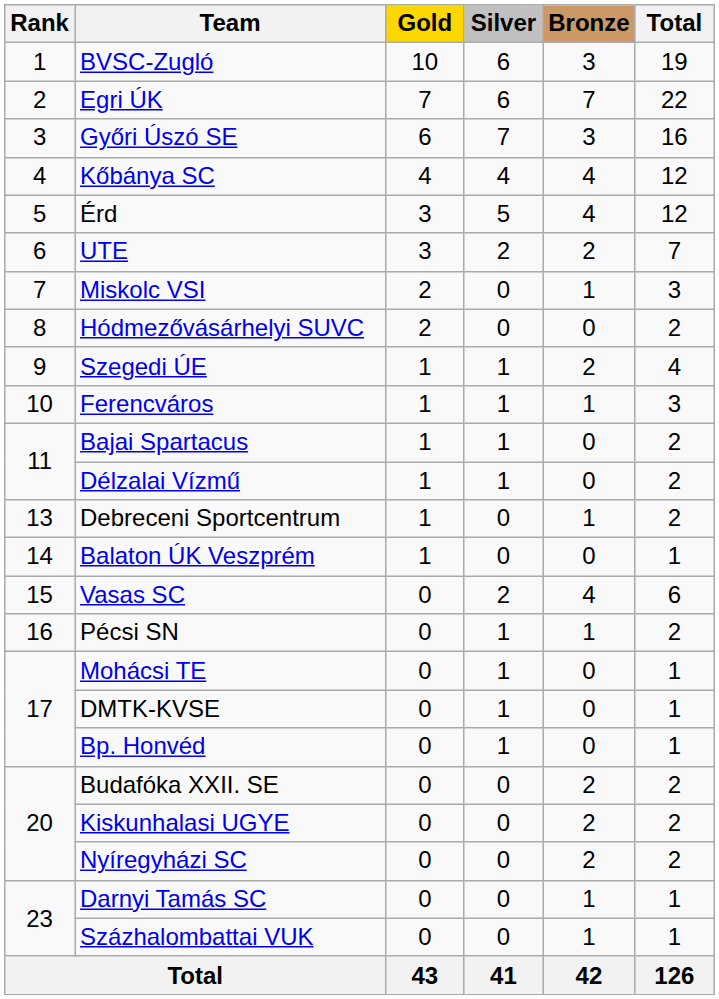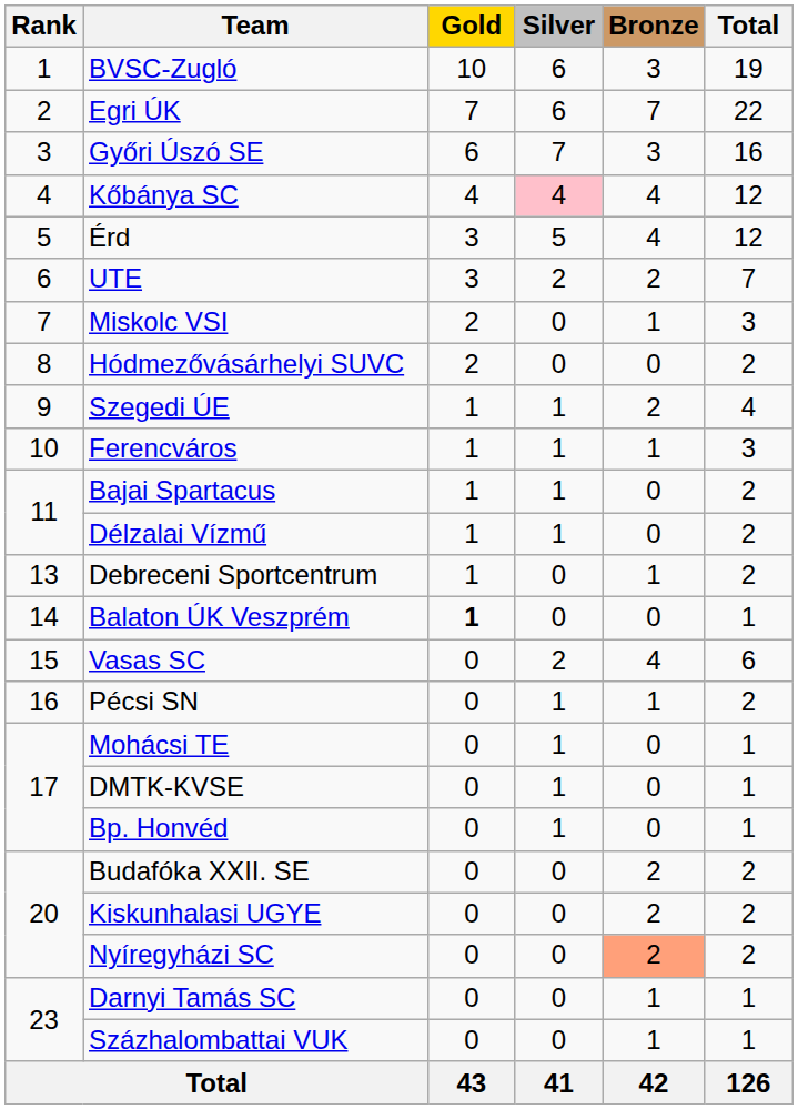 <table class="wikitable sortable" style="text-align:center">
 <tr>
 <th>Rank</th>
 <th width="200">Team</th>
 <th width=45; style="background-color:gold;">Gold</th>
 <th width=45; style="background-color:silver;">Silver</th>
 <th width=45; style="background-color:#cc9966;">Bronze</th>
 <th width="45">Total</th>
 </tr>
 <tr>
 <td>1</td>
 <td align=left> <a href='#'>BVSC-Zugló</a></td>
 <td>10</td>
 <td>6</td>
 <td>3</td>
 <td>19</td>
 </tr>
 <tr>
 <td>2</td>
 <td align=left> <a href='#'>Egri ÚK</a></td>
 <td>7</td>
 <td>6</td>
 <td>7</td>
 <td>22</td>
 </tr>
 <tr>
 <td>3</td>
 <td align=left> <a href='#'>Győri Úszó SE</a></td>
 <td>6</td>
 <td>7</td>
 <td>3</td>
 <td>16</td>
 </tr>
 <tr>
 <td>4</td>
 <td align=left> <a href='#'>Kőbánya SC</a></td>
 <td>4</td>
-<td>4</td>
+<td style="background: pink;">4</td>
 <td>4</td>
 <td>12</td>
 </tr>
 <tr>
 <td>5</td>
 <td align=left> Érd</td>
 <td>3</td>
 <td>5</td>
 <td>4</td>
 <td>12</td>
 </tr>
 <tr>
 <td>6</td>
 <td align=left> <a href='#'>UTE</a></td>
 <td>3</td>
 <td>2</td>
 <td>2</td>
 <td>7</td>
 </tr>
 <tr>
 <td>7</td>
 <td align=left> <a href='#'>Miskolc VSI</a></td>
 <td>2</td>
 <td>0</td>
 <td>1</td>
 <td>3</td>
 </tr>
 <tr>
 <td>8</td>
 <td align=left> <a href='#'>Hódmezővásárhelyi SUVC</a></td>
 <td>2</td>
 <td>0</td>
 <td>0</td>
 <td>2</td>
 </tr>
 <tr>
 <td>9</td>
 <td align=left> <a href='#'>Szegedi ÚE</a></td>
 <td>1</td>
 <td>1</td>
 <td>2</td>
 <td>4</td>
 </tr>
 <tr>
 <td>10</td>
 <td align=left> <a href='#'>Ferencváros</a></td>
 <td>1</td>
 <td>1</td>
 <td>1</td>
 <td>3</td>
 </tr>
 <tr>
 <td rowspan="2">11</td>
 <td align=left> <a href='#'>Bajai Spartacus</a></td>
 <td>1</td>
 <td>1</td>
 <td>0</td>
 <td>2</td>
 </tr>
 <tr>
 <td align=left> <a href='#'>Délzalai Vízmű</a></td>
 <td>1</td>
 <td>1</td>
 <td>0</td>
 <td>2</td>
 </tr>
 <tr>
 <td>13</td>
 <td align=left> Debreceni Sportcentrum</td>
 <td>1</td>
 <td>0</td>
 <td>1</td>
 <td>2</td>
 </tr>
 <tr>
 <td>14</td>
 <td align=left> <a href='#'>Balaton ÚK Veszprém</a></td>
-<td>1</td>
+<td><strong>1</strong></td>
 <td>0</td>
 <td>0</td>
 <td>1</td>
 </tr>
 <tr>
 <td>15</td>
 <td align=left> <a href='#'>Vasas SC</a></td>
 <td>0</td>
 <td>2</td>
 <td>4</td>
 <td>6</td>
 </tr>
 <tr>
 <td>16</td>
 <td align=left> Pécsi SN</td>
 <td>0</td>
 <td>1</td>
 <td>1</td>
 <td>2</td>
 </tr>
 <tr>
 <td rowspan="3">17</td>
 <td align=left> <a href='#'>Mohácsi TE</a></td>
 <td>0</td>
 <td>1</td>
 <td>0</td>
 <td>1</td>
 </tr>
 <tr>
 <td align=left> DMTK-KVSE</td>
 <td>0</td>
 <td>1</td>
 <td>0</td>
 <td>1</td>
 </tr>
 <tr>
 <td align=left> <a href='#'>Bp. Honvéd</a></td>
 <td>0</td>
 <td>1</td>
 <td>0</td>
 <td>1</td>
 </tr>
 <tr>
 <td rowspan="3">20</td>
 <td align=left> Budafóka XXII. SE</td>
 <td>0</td>
 <td>0</td>
 <td>2</td>
 <td>2</td>
 </tr>
 <tr>
 <td align=left> <a href='#'>Kiskunhalasi UGYE</a></td>
 <td>0</td>
 <td>0</td>
 <td>2</td>
 <td>2</td>
 </tr>
 <tr>
 <td align=left> <a href='#'>Nyíregyházi SC</a></td>
 <td>0</td>
 <td>0</td>
-<td>2</td>
+<td style="background: lightsalmon;">2</td>
 <td>2</td>
 </tr>
 <tr>
 <td rowspan="2">23</td>
 <td align=left> <a href='#'>Darnyi Tamás SC</a></td>
 <td>0</td>
 <td>0</td>
 <td>1</td>
 <td>1</td>
 </tr>
 <tr>
 <td align=left> <a href='#'>Százhalombattai VUK</a></td>
 <td>0</td>
 <td>0</td>
 <td>1</td>
 <td>1</td>
 </tr>
 <tr>
 <th colspan="2">Total</th>
 <th>43</th>
 <th>41</th>
 <th>42</th>
 <th>126</th>
 </tr>
 </table>
